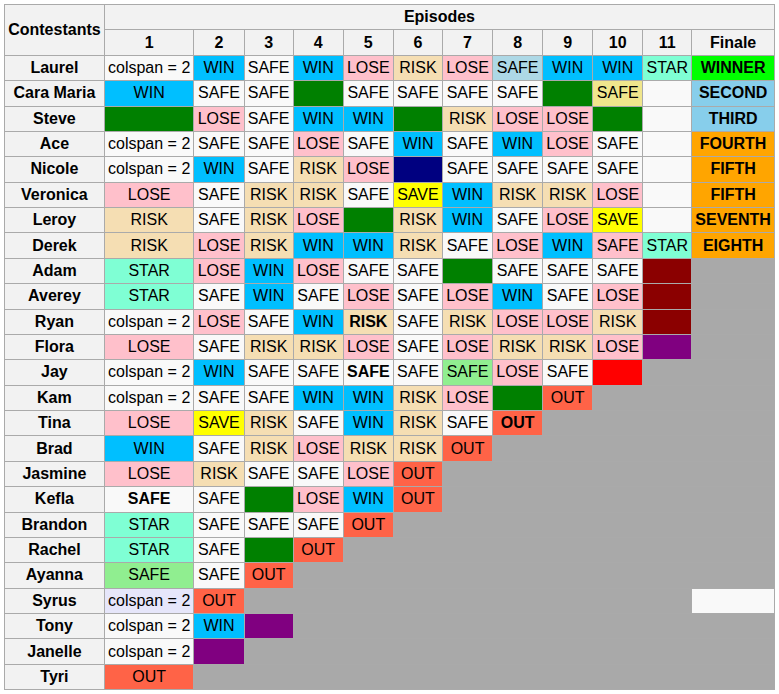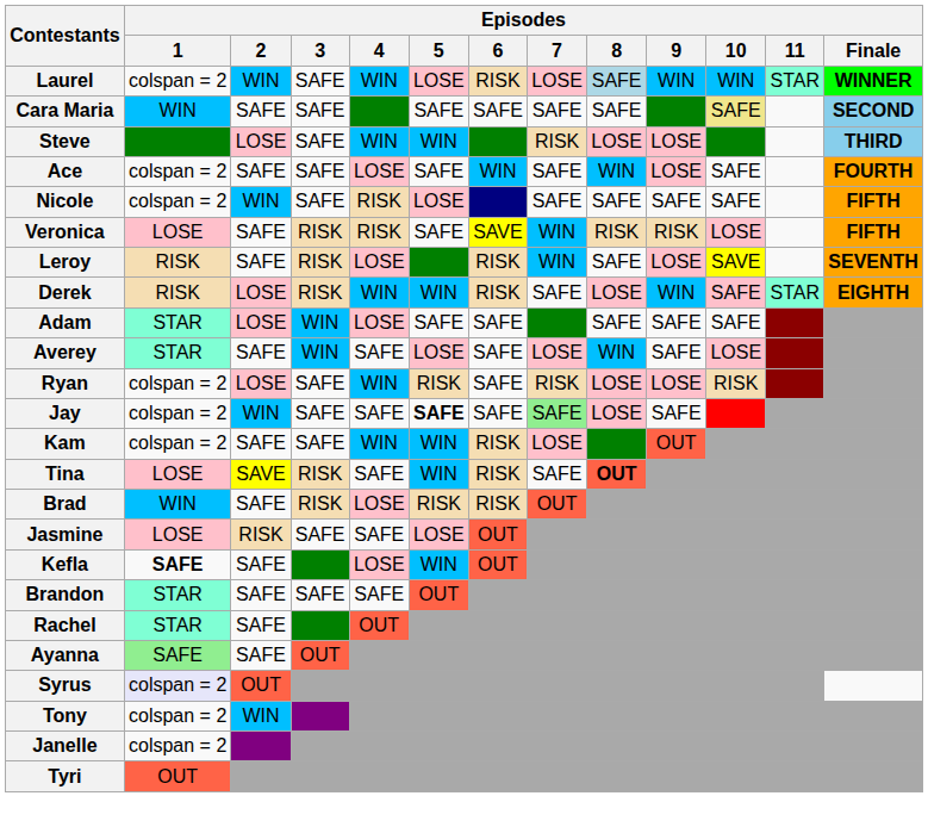 <table class="wikitable" style="text-align:center">
 <tr>
 <th rowspan=2>Contestants</th>
 <th colspan="12">Episodes</th>
 </tr>
 <tr>
 <th>1</th>
 <th>2</th>
 <th>3</th>
 <th>4</th>
 <th>5</th>
 <th>6</th>
 <th>7</th>
 <th>8</th>
 <th>9</th>
 <th>10</th>
 <th>11</th>
 <th>Finale</th>
 </tr>
 <tr>
 <th>Laurel</th>
 <td>colspan = 2 </td>
 <td bgcolor="deepskyblue">WIN</td>
 <td>SAFE</td>
 <td bgcolor="deepskyblue">WIN</td>
 <td bgcolor="pink">LOSE</td>
 <td bgcolor="wheat">RISK</td>
 <td bgcolor="pink">LOSE</td>
 <td style="background: lightblue;">SAFE</td>
 <td bgcolor="deepskyblue">WIN</td>
 <td bgcolor="deepskyblue">WIN</td>
 <td bgcolor="aquamarine">STAR</td>
 <td bgcolor="lime"><strong>WINNER</strong></td>
 </tr>
 <tr>
 <th>Cara Maria</th>
 <td bgcolor="deepskyblue">WIN</td>
 <td>SAFE</td>
 <td>SAFE</td>
 <td bgcolor="green"></td>
 <td>SAFE</td>
 <td>SAFE</td>
 <td>SAFE</td>
 <td>SAFE</td>
 <td bgcolor="green"></td>
 <td style="background: khaki;">SAFE</td>
 <td></td>
 <td bgcolor="skyblue"><strong>SECOND</strong></td>
 </tr>
 <tr>
 <th>Steve</th>
 <td bgcolor="green"></td>
 <td bgcolor="pink">LOSE</td>
 <td>SAFE</td>
 <td bgcolor="deepskyblue">WIN</td>
 <td bgcolor="deepskyblue">WIN</td>
 <td bgcolor="green"></td>
 <td bgcolor="wheat">RISK</td>
 <td bgcolor="pink">LOSE</td>
 <td bgcolor="pink">LOSE</td>
 <td bgcolor="green"></td>
 <td></td>
 <td bgcolor="skyblue"><strong>THIRD</strong></td>
 </tr>
 <tr>
 <th>Ace</th>
 <td>colspan = 2 </td>
 <td>SAFE</td>
 <td>SAFE</td>
 <td bgcolor="pink">LOSE</td>
 <td>SAFE</td>
 <td bgcolor="deepskyblue">WIN</td>
 <td>SAFE</td>
 <td bgcolor="deepskyblue">WIN</td>
 <td bgcolor="pink">LOSE</td>
 <td>SAFE</td>
 <td></td>
 <td style="background:orange"><strong>FOURTH</strong></td>
 </tr>
 <tr>
 <th>Nicole</th>
 <td>colspan = 2 </td>
 <td bgcolor="deepskyblue">WIN</td>
 <td>SAFE</td>
 <td bgcolor="wheat">RISK</td>
 <td bgcolor="pink">LOSE</td>
 <td bgcolor="navy"></td>
 <td>SAFE</td>
 <td>SAFE</td>
 <td>SAFE</td>
 <td>SAFE</td>
 <td></td>
 <td style="background:orange"><strong>FIFTH</strong></td>
 </tr>
 <tr>
 <th>Veronica</th>
 <td bgcolor="pink">LOSE</td>
 <td>SAFE</td>
 <td bgcolor="wheat">RISK</td>
 <td bgcolor="wheat">RISK</td>
 <td>SAFE</td>
 <td bgcolor="yellow">SAVE</td>
 <td bgcolor="deepskyblue">WIN</td>
 <td bgcolor="wheat">RISK</td>
 <td bgcolor="wheat">RISK</td>
 <td bgcolor="pink">LOSE</td>
 <td></td>
 <td style="background:orange"><strong>FIFTH</strong></td>
 </tr>
 <tr>
 <th>Leroy</th>
 <td bgcolor="wheat">RISK</td>
 <td>SAFE</td>
 <td bgcolor="wheat">RISK</td>
 <td bgcolor="pink">LOSE</td>
 <td bgcolor="green"></td>
 <td bgcolor="wheat">RISK</td>
 <td bgcolor="deepskyblue">WIN</td>
 <td>SAFE</td>
 <td bgcolor="pink">LOSE</td>
 <td bgcolor="yellow">SAVE</td>
 <td></td>
 <td style="background:orange"><strong>SEVENTH</strong></td>
 </tr>
 <tr>
 <th>Derek</th>
 <td bgcolor="wheat">RISK</td>
 <td bgcolor="pink">LOSE</td>
 <td bgcolor="wheat">RISK</td>
 <td bgcolor="deepskyblue">WIN</td>
 <td bgcolor="deepskyblue">WIN</td>
 <td bgcolor="wheat">RISK</td>
 <td>SAFE</td>
 <td bgcolor="pink">LOSE</td>
 <td bgcolor="deepskyblue">WIN</td>
 <td style="background: pink;">SAFE</td>
 <td bgcolor="aquamarine">STAR</td>
 <td style="background:orange"><strong>EIGHTH</strong></td>
 </tr>
 <tr>
 <th>Adam</th>
 <td bgcolor="aquamarine">STAR</td>
 <td bgcolor="pink">LOSE</td>
 <td bgcolor="deepskyblue">WIN</td>
 <td bgcolor="pink">LOSE</td>
 <td>SAFE</td>
 <td>SAFE</td>
 <td bgcolor="green"></td>
 <td>SAFE</td>
 <td>SAFE</td>
 <td>SAFE</td>
 <td bgcolor="darkred"></td>
 <td colspan="1" bgcolor="darkgray"></td>
 </tr>
 <tr>
 <th>Averey</th>
 <td bgcolor="aquamarine">STAR</td>
 <td>SAFE</td>
 <td bgcolor="deepskyblue">WIN</td>
 <td>SAFE</td>
 <td bgcolor="pink">LOSE</td>
 <td>SAFE</td>
 <td bgcolor="pink">LOSE</td>
 <td bgcolor="deepskyblue">WIN</td>
 <td>SAFE</td>
 <td bgcolor="pink">LOSE</td>
 <td bgcolor="darkred"></td>
 <td colspan="1" bgcolor="darkgray"></td>
 </tr>
 <tr>
 <th>Ryan</th>
 <td>colspan = 2 </td>
 <td bgcolor="pink">LOSE</td>
 <td>SAFE</td>
 <td bgcolor="deepskyblue">WIN</td>
-<td bgcolor="wheat"><strong>RISK</strong></td>
+<td bgcolor="wheat">RISK</td>
 <td>SAFE</td>
 <td bgcolor="wheat">RISK</td>
 <td bgcolor="pink">LOSE</td>
 <td bgcolor="pink">LOSE</td>
 <td bgcolor="wheat">RISK</td>
 <td bgcolor="darkred"></td>
-<td colspan="1" bgcolor="darkgray"></td>
-</tr>
-<tr>
-<th>Flora</th>
-<td bgcolor="pink">LOSE</td>
-<td>SAFE</td>
-<td bgcolor="wheat">RISK</td>
-<td bgcolor="wheat">RISK</td>
-<td bgcolor="pink">LOSE</td>
-<td>SAFE</td>
-<td bgcolor="pink">LOSE</td>
-<td bgcolor="wheat">RISK</td>
-<td bgcolor="wheat">RISK</td>
-<td bgcolor="pink">LOSE</td>
-<td bgcolor="purple"></td>
 <td colspan="1" bgcolor="darkgray"></td>
 </tr>
 <tr>
 <th>Jay</th>
 <td>colspan = 2 </td>
 <td bgcolor="deepskyblue">WIN</td>
 <td>SAFE</td>
 <td>SAFE</td>
 <td><strong>SAFE</strong></td>
 <td>SAFE</td>
 <td style="background: lightgreen;">SAFE</td>
 <td bgcolor="pink">LOSE</td>
 <td>SAFE</td>
 <td bgcolor="red"></td>
 <td colspan="2" bgcolor="darkgray"></td>
 </tr>
 <tr>
 <th>Kam</th>
 <td>colspan = 2 </td>
 <td>SAFE</td>
 <td>SAFE</td>
 <td bgcolor="deepskyblue">WIN</td>
 <td bgcolor="deepskyblue">WIN</td>
 <td bgcolor="wheat">RISK</td>
 <td bgcolor="pink">LOSE</td>
 <td bgcolor="green"></td>
 <td bgcolor="tomato">OUT</td>
 <td colspan="3" bgcolor="darkgray"></td>
 </tr>
 <tr>
 <th>Tina</th>
 <td bgcolor="pink">LOSE</td>
 <td bgcolor="yellow">SAVE</td>
 <td bgcolor="wheat">RISK</td>
 <td>SAFE</td>
 <td bgcolor="deepskyblue">WIN</td>
 <td bgcolor="wheat">RISK</td>
 <td>SAFE</td>
 <td bgcolor="tomato"><strong>OUT</strong></td>
 <td colspan="4" bgcolor="darkgray"></td>
 </tr>
 <tr>
 <th>Brad</th>
 <td bgcolor="deepskyblue">WIN</td>
 <td>SAFE</td>
 <td bgcolor="wheat">RISK</td>
 <td bgcolor="pink">LOSE</td>
 <td bgcolor="wheat">RISK</td>
 <td bgcolor="wheat">RISK</td>
 <td bgcolor="tomato">OUT</td>
 <td colspan="5" bgcolor="darkgray"></td>
 </tr>
 <tr>
 <th>Jasmine</th>
 <td bgcolor="pink">LOSE</td>
 <td bgcolor="wheat">RISK</td>
 <td>SAFE</td>
 <td>SAFE</td>
 <td bgcolor="pink">LOSE</td>
 <td bgcolor="tomato">OUT</td>
 <td colspan="6" bgcolor="darkgray"></td>
 </tr>
 <tr>
 <th>Kefla</th>
 <td><strong>SAFE</strong></td>
 <td>SAFE</td>
 <td bgcolor="green"></td>
 <td bgcolor="pink">LOSE</td>
 <td bgcolor="deepskyblue">WIN</td>
 <td bgcolor="tomato">OUT</td>
 <td colspan="6" bgcolor="darkgray"></td>
 </tr>
 <tr>
 <th>Brandon</th>
 <td bgcolor="aquamarine">STAR</td>
 <td>SAFE</td>
 <td>SAFE</td>
 <td>SAFE</td>
 <td bgcolor="tomato">OUT</td>
 <td colspan="7" bgcolor="darkgray"></td>
 </tr>
 <tr>
 <th>Rachel</th>
 <td bgcolor="aquamarine">STAR</td>
 <td>SAFE</td>
 <td bgcolor="green"></td>
 <td bgcolor="tomato">OUT</td>
 <td colspan="8" bgcolor="darkgray"></td>
 </tr>
 <tr>
 <th>Ayanna</th>
 <td style="background: lightgreen;">SAFE</td>
 <td>SAFE</td>
 <td bgcolor="tomato">OUT</td>
 <td colspan="9" bgcolor="darkgray"></td>
 </tr>
 <tr>
 <th>Syrus</th>
 <td style="background: lavender;">colspan = 2 </td>
 <td bgcolor="tomato">OUT</td>
 <td colspan="9" bgcolor="darkgray"></td>
 </tr>
 <tr>
 <th>Tony</th>
 <td>colspan = 2 </td>
 <td bgcolor="deepskyblue">WIN</td>
 <td bgcolor="purple"></td>
 <td colspan="9" bgcolor="darkgray"></td>
 </tr>
 <tr>
 <th>Janelle</th>
 <td>colspan = 2 </td>
 <td bgcolor="purple"></td>
 <td colspan="10" bgcolor="darkgray"></td>
 </tr>
 <tr>
 <th>Tyri</th>
 <td bgcolor="tomato">OUT</td>
 <td colspan="11" bgcolor="darkgray"></td>
 </tr>
 </table>
